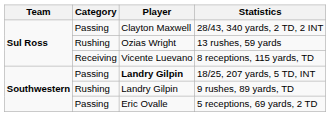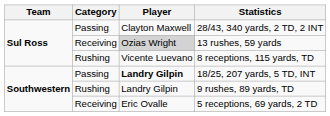 <table class="wikitable" style="float: right;">
 <tr>
 <th>Team</th>
 <th>Category</th>
 <th>Player</th>
 <th>Statistics</th>
 </tr>
 <tr>
 <td rowspan=3><strong>Sul Ross</strong></td>
 <td>Passing</td>
 <td>Clayton Maxwell</td>
 <td>28/43, 340 yards, 2 TD, 2 INT</td>
 </tr>
 <tr>
-<td>Rushing</td>
-<td>Ozias Wright</td>
+<td>Receiving</td>
+<td style="background: lightgrey;">Ozias Wright</td>
 <td>13 rushes, 59 yards</td>
 </tr>
 <tr>
-<td>Receiving</td>
+<td>Rushing</td>
 <td>Vicente Luevano</td>
 <td>8 receptions, 115 yards, TD</td>
 </tr>
 <tr>
 <td rowspan=3><strong>Southwestern</strong></td>
 <td>Passing</td>
 <td><strong>Landry Gilpin</strong></td>
 <td>18/25, 207 yards, 5 TD, INT</td>
 </tr>
 <tr>
 <td>Rushing</td>
 <td>Landry Gilpin</td>
 <td>9 rushes, 89 yards, TD</td>
 </tr>
 <tr>
-<td>Passing</td>
+<td>Receiving</td>
 <td>Eric Ovalle</td>
 <td>5 receptions, 69 yards, 2 TD</td>
 </tr>
 </table>
